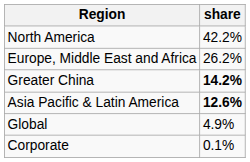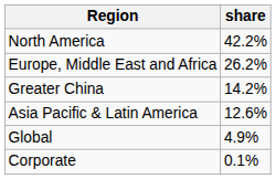 <table class="wikitable floatright">
 <tr>
 <th>Region</th>
 <th>share</th>
 </tr>
 <tr>
 <td>North America</td>
 <td>42.2%</td>
 </tr>
 <tr>
 <td>Europe, Middle East and Africa</td>
 <td>26.2%</td>
 </tr>
 <tr>
 <td>Greater China</td>
-<td><strong>14.2%</strong></td>
+<td>14.2%</td>
 </tr>
 <tr>
 <td>Asia Pacific & Latin America</td>
-<td><strong>12.6%</strong></td>
+<td>12.6%</td>
 </tr>
 <tr>
 <td>Global</td>
 <td>4.9%</td>
 </tr>
 <tr>
 <td>Corporate</td>
 <td>0.1%</td>
 </tr>
 </table>
